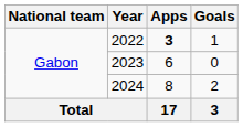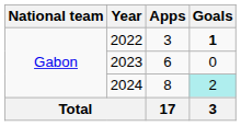 <table class="wikitable" style="text-align:center">
 <tr>
 <th>National team</th>
 <th>Year</th>
 <th>Apps</th>
 <th>Goals</th>
 </tr>
 <tr>
 <td rowspan="3"><a href='#'>Gabon</a></td>
 <td>2022</td>
-<td><strong>3</strong></td>
-<td>1</td>
+<td>3</td>
+<td><strong>1</strong></td>
 </tr>
 <tr>
 <td>2023</td>
 <td>6</td>
 <td>0</td>
 </tr>
 <tr>
 <td>2024</td>
 <td>8</td>
-<td>2</td>
+<td style="background: paleturquoise;">2</td>
 </tr>
 <tr>
 <th colspan="2">Total</th>
 <th>17</th>
 <th>3</th>
 </tr>
 </table>
